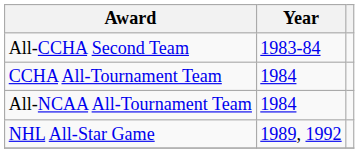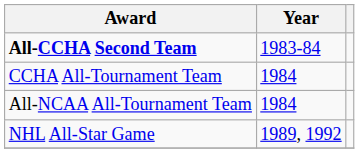 <table class="wikitable">
 <tr>
 <th>Award</th>
 <th>Year</th>
 <th></th>
 </tr>
 <tr>
-<td>All-<a href='#'>CCHA</a> <a href='#'>Second Team</a></td>
+<td><strong>All-<a href='#'>CCHA</a> <a href='#'>Second Team</a></strong></td>
 <td><a href='#'>1983-84</a></td>
 <td></td>
 </tr>
 <tr>
 <td><a href='#'>CCHA</a> <a href='#'>All-Tournament Team</a></td>
 <td><a href='#'>1984</a></td>
 <td></td>
 </tr>
 <tr>
 <td>All-<a href='#'>NCAA</a> <a href='#'>All-Tournament Team</a></td>
 <td><a href='#'>1984</a></td>
 <td></td>
 </tr>
 <tr>
 <td><a href='#'>NHL</a> <a href='#'>All-Star Game</a></td>
 <td><a href='#'>1989</a>, <a href='#'>1992</a></td>
 <td></td>
 </tr>
 <tr>
 </tr>
 </table>
